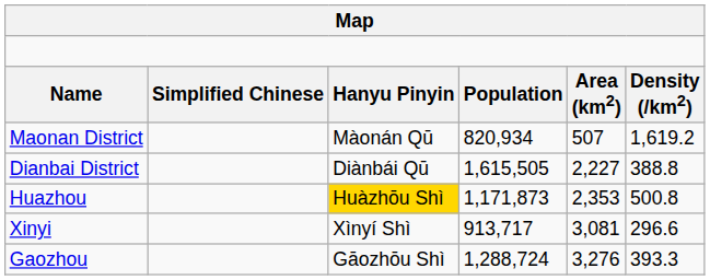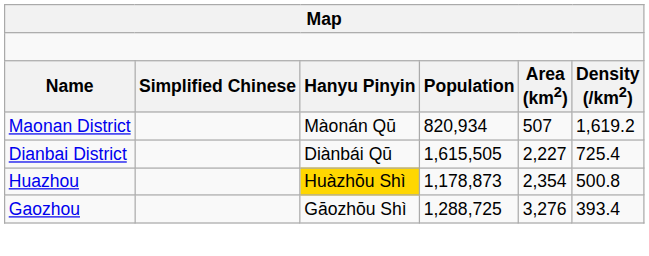 <table class="wikitable" style="font-size:90%;">
 <tr>
 <th colspan="6">Map</th>
 </tr>
 <tr>
 <td colspan="6"><div><br>        </div></td>
 </tr>
 <tr>
 <th>Name</th>
 <th>Simplified Chinese</th>
 <th>Hanyu Pinyin</th>
 <th>Population<br></th>
 <th>Area<br>(km<sup>2</sup>)</th>
 <th>Density<br>(/km<sup>2</sup>)</th>
 </tr>
 <tr>
 <td><a href='#'>Maonan District</a></td>
 <td></td>
 <td>Màonán Qū</td>
 <td>820,934</td>
 <td>507</td>
 <td>1,619.2</td>
 </tr>
 <tr>
 <td><a href='#'>Dianbai District</a></td>
 <td></td>
 <td>Diànbái Qū</td>
 <td>1,615,505</td>
 <td>2,227</td>
-<td>388.8</td>
+<td>725.4</td>
 </tr>
 <tr>
 <td><a href='#'>Huazhou</a></td>
 <td></td>
 <td style="background: gold;">Huàzhōu Shì</td>
-<td>1,171,873</td>
-<td>2,353</td>
+<td>1,178,873</td>
+<td>2,354</td>
 <td>500.8</td>
-</tr>
-<tr>
-<td><a href='#'>Xinyi</a></td>
-<td></td>
-<td>Xìnyí Shì</td>
-<td>913,717</td>
-<td>3,081</td>
-<td>296.6</td>
 </tr>
 <tr>
 <td><a href='#'>Gaozhou</a></td>
 <td></td>
 <td>Gāozhōu Shì</td>
-<td>1,288,724</td>
+<td>1,288,725</td>
 <td>3,276</td>
-<td>393.3</td>
+<td>393.4</td>
 </tr>
 </table>
